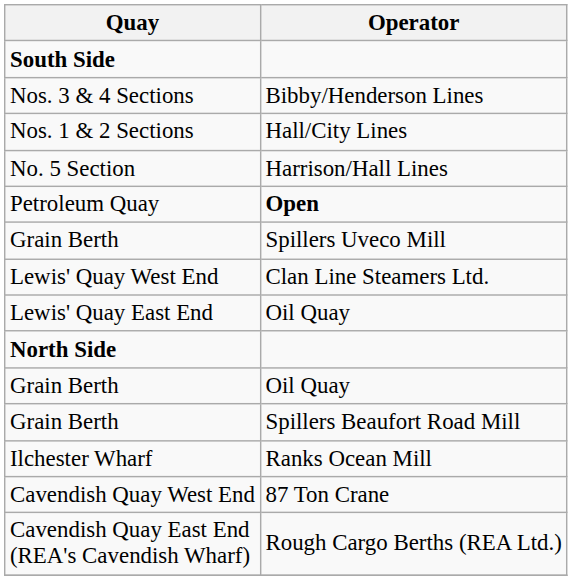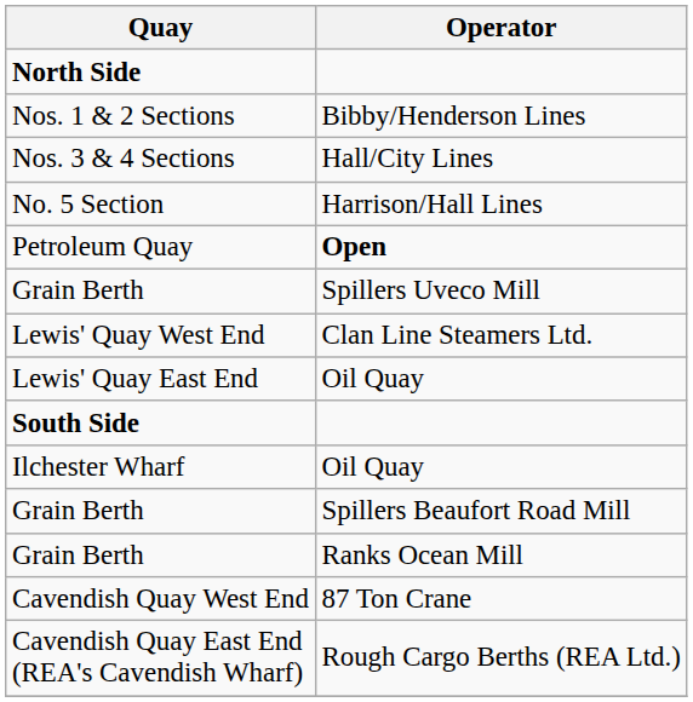 <table class="wikitable">
 <tr>
 <th>Quay</th>
 <th>Operator</th>
 </tr>
 <tr>
-<td><strong>South Side</strong></td>
+<td><strong>North Side</strong></td>
 <td></td>
 </tr>
 <tr>
-<td>Nos. 3 & 4 Sections</td>
+<td>Nos. 1 & 2 Sections</td>
 <td>Bibby/Henderson Lines</td>
 </tr>
 <tr>
-<td>Nos. 1 & 2 Sections</td>
+<td>Nos. 3 & 4 Sections</td>
 <td>Hall/City Lines</td>
 </tr>
 <tr>
 <td>No. 5 Section</td>
 <td>Harrison/Hall Lines</td>
 </tr>
 <tr>
 <td>Petroleum Quay</td>
 <td><strong>Open</strong></td>
 </tr>
 <tr>
 <td>Grain Berth</td>
 <td>Spillers Uveco Mill</td>
 </tr>
 <tr>
 <td>Lewis' Quay West End</td>
 <td>Clan Line Steamers Ltd.</td>
 </tr>
 <tr>
 <td>Lewis' Quay East End</td>
 <td>Oil Quay</td>
 </tr>
 <tr>
-<td><strong>North Side</strong></td>
+<td><strong>South Side</strong></td>
 <td></td>
 </tr>
 <tr>
-<td>Grain Berth</td>
+<td>Ilchester Wharf</td>
 <td>Oil Quay</td>
 </tr>
 <tr>
 <td>Grain Berth</td>
 <td>Spillers Beaufort Road Mill</td>
 </tr>
 <tr>
-<td>Ilchester Wharf</td>
+<td>Grain Berth</td>
 <td>Ranks Ocean Mill</td>
 </tr>
 <tr>
 <td>Cavendish Quay West End</td>
 <td>87 Ton Crane</td>
 </tr>
 <tr>
 <td>Cavendish Quay East End<br>(REA's Cavendish Wharf)</td>
 <td>Rough Cargo Berths (REA Ltd.)</td>
 </tr>
 <tr>
 </tr>
 </table>
